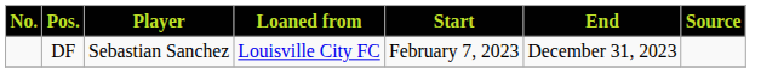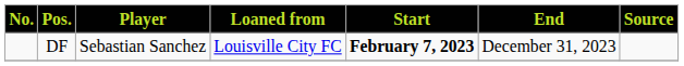 <table class="wikitable sortable" style="text-align:center; font-size:95%; text-align:left;">
 <tr>
 <th style="background:#010101; color:#BDDF28;">No.</th>
 <th style="background:#010101; color:#BDDF28;">Pos.</th>
 <th style="background:#010101; color:#BDDF28;">Player</th>
 <th style="background:#010101; color:#BDDF28;">Loaned from</th>
 <th style="background:#010101; color:#BDDF28;">Start</th>
 <th style="background:#010101; color:#BDDF28;">End</th>
 <th style="background:#010101; color:#BDDF28;">Source</th>
 </tr>
 <tr>
 <td></td>
 <td align=center>DF</td>
 <td> Sebastian Sanchez</td>
 <td> <a href='#'>Louisville City FC</a></td>
-<td>February 7, 2023</td>
+<td><strong>February 7, 2023</strong></td>
 <td>December 31, 2023</td>
 <td></td>
 </tr>
 <tr>
 </tr>
 </table>
